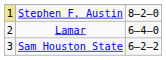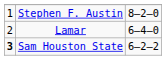 <table class="wikitable" style="display: inline-table;">
 <tr align="center">
 </tr>
 <tr align="center">
-<td style="background: khaki;">1</td>
+<td>1</td>
 <td><a href='#'>Stephen F. Austin</a></td>
 <td>8–2–0</td>
 </tr>
 <tr align="center">
 <td>2</td>
 <td><a href='#'>Lamar</a></td>
 <td>6–4–0</td>
 </tr>
 <tr align="center">
-<td>3</td>
+<td><strong>3</strong></td>
 <td><a href='#'>Sam Houston State</a></td>
 <td>6–2–2</td>
 </tr>
 </table>
